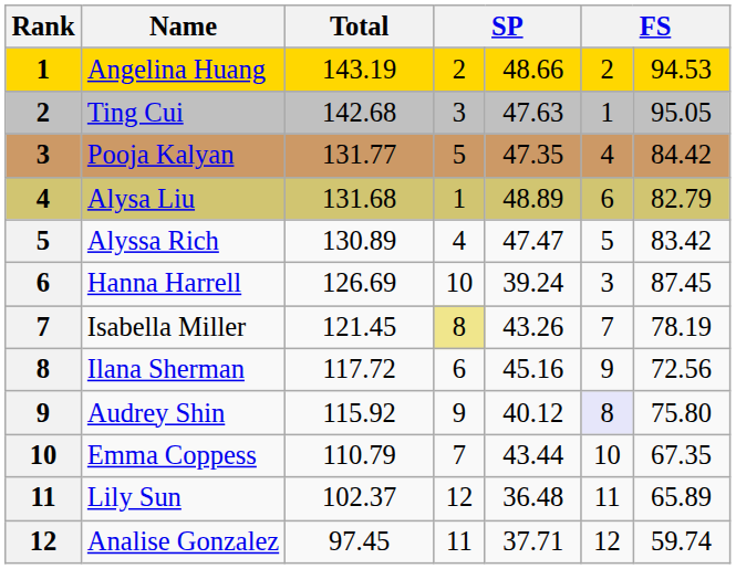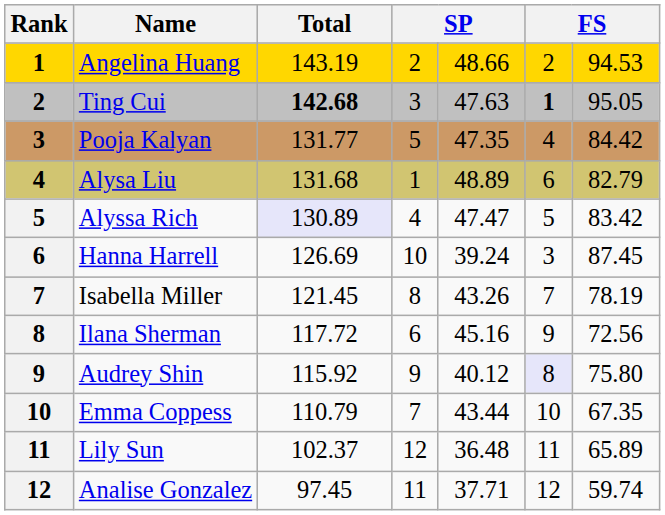 <table class="wikitable sortable">
 <tr>
 <th>Rank</th>
 <th>Name</th>
 <th width="80px">Total</th>
 <th colspan="2" width="80px"><a href='#'>SP</a></th>
 <th colspan="2" width="80px"><a href='#'>FS</a></th>
 </tr>
 <tr bgcolor="gold">
 <td align="center"><strong>1</strong></td>
 <td><a href='#'>Angelina Huang</a></td>
 <td align="center">143.19</td>
 <td align="center">2</td>
 <td align="center">48.66</td>
 <td align="center">2</td>
 <td align="center">94.53</td>
 </tr>
 <tr bgcolor="silver">
 <td align="center"><strong>2</strong></td>
 <td><a href='#'>Ting Cui</a></td>
-<td align="center">142.68</td>
+<td align="center"><strong>142.68</strong></td>
 <td align="center">3</td>
 <td align="center">47.63</td>
-<td align="center">1</td>
+<td align="center"><strong>1</strong></td>
 <td align="center">95.05</td>
 </tr>
 <tr bgcolor="cc9966">
 <td align="center"><strong>3</strong></td>
 <td><a href='#'>Pooja Kalyan</a></td>
 <td align="center">131.77</td>
 <td align="center">5</td>
 <td align="center">47.35</td>
 <td align="center">4</td>
 <td align="center">84.42</td>
 </tr>
 <tr bgcolor="#d1c571">
 <td align="center"><strong>4</strong></td>
 <td><a href='#'>Alysa Liu</a></td>
 <td align="center">131.68</td>
 <td align="center">1</td>
 <td align="center">48.89</td>
 <td align="center">6</td>
 <td align="center">82.79</td>
 </tr>
 <tr>
 <th>5</th>
 <td><a href='#'>Alyssa Rich</a></td>
-<td align="center">130.89</td>
+<td align="center" style="background: lavender;">130.89</td>
 <td align="center">4</td>
 <td align="center">47.47</td>
 <td align="center">5</td>
 <td align="center">83.42</td>
 </tr>
 <tr>
 <th>6</th>
 <td><a href='#'>Hanna Harrell</a></td>
 <td align="center">126.69</td>
 <td align="center">10</td>
 <td align="center">39.24</td>
 <td align="center">3</td>
 <td align="center">87.45</td>
 </tr>
 <tr>
 <th>7</th>
 <td>Isabella Miller</td>
 <td align="center">121.45</td>
-<td align="center" style="background: khaki;">8</td>
+<td align="center">8</td>
 <td align="center">43.26</td>
 <td align="center">7</td>
 <td align="center">78.19</td>
 </tr>
 <tr>
 <th>8</th>
 <td><a href='#'>Ilana Sherman</a></td>
 <td align="center">117.72</td>
 <td align="center">6</td>
 <td align="center">45.16</td>
 <td align="center">9</td>
 <td align="center">72.56</td>
 </tr>
 <tr>
 <th>9</th>
 <td><a href='#'>Audrey Shin</a></td>
 <td align="center">115.92</td>
 <td align="center">9</td>
 <td align="center">40.12</td>
 <td align="center" style="background: lavender;">8</td>
 <td align="center">75.80</td>
 </tr>
 <tr>
 <th>10</th>
 <td><a href='#'>Emma Coppess</a></td>
 <td align="center">110.79</td>
 <td align="center">7</td>
 <td align="center">43.44</td>
 <td align="center">10</td>
 <td align="center">67.35</td>
 </tr>
 <tr>
 <th>11</th>
 <td><a href='#'>Lily Sun</a></td>
 <td align="center">102.37</td>
 <td align="center">12</td>
 <td align="center">36.48</td>
 <td align="center">11</td>
 <td align="center">65.89</td>
 </tr>
 <tr>
 <th>12</th>
 <td><a href='#'>Analise Gonzalez</a></td>
 <td align="center">97.45</td>
 <td align="center">11</td>
 <td align="center">37.71</td>
 <td align="center">12</td>
 <td align="center">59.74</td>
 </tr>
 </table>
